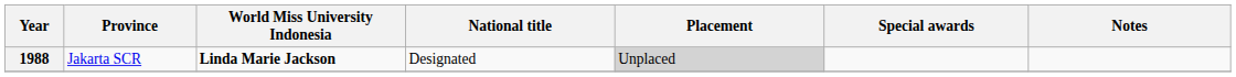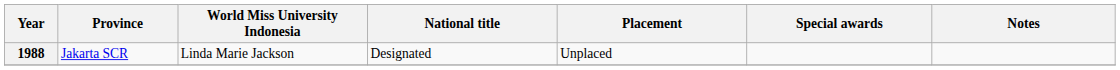 <table class="wikitable " style="font-size: 95%;">
 <tr>
 <th width="60">Year</th>
 <th width="150">Province</th>
 <th width="250">World Miss University Indonesia</th>
 <th width="250">National title</th>
 <th width="250">Placement</th>
 <th width="250">Special awards</th>
 <th width="250">Notes</th>
 </tr>
 <tr>
 <th>1988</th>
 <td><a href='#'>Jakarta SCR</a></td>
-<td><strong>Linda Marie Jackson</strong></td>
+<td>Linda Marie Jackson</td>
 <td>Designated</td>
-<td style="background: lightgrey;">Unplaced</td>
+<td>Unplaced</td>
 <td></td>
 <td></td>
 </tr>
 <tr>
 </tr>
 </table>
